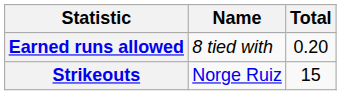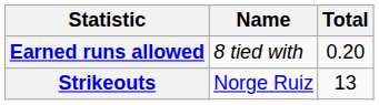 <table class="wikitable plainrowheaders">
 <tr>
 <th scope="col">Statistic</th>
 <th scope="col">Name</th>
 <th scope="col">Total</th>
 </tr>
 <tr>
 <th scope="row"><a href='#'>Earned runs allowed</a></th>
 <td><em>8 tied with</em></td>
 <td align=center>0.20</td>
 </tr>
 <tr>
 <th scope="row"><a href='#'>Strikeouts</a></th>
 <td> <a href='#'>Norge Ruiz</a></td>
-<td align=center>15</td>
+<td align=center>13</td>
 </tr>
 </table>
